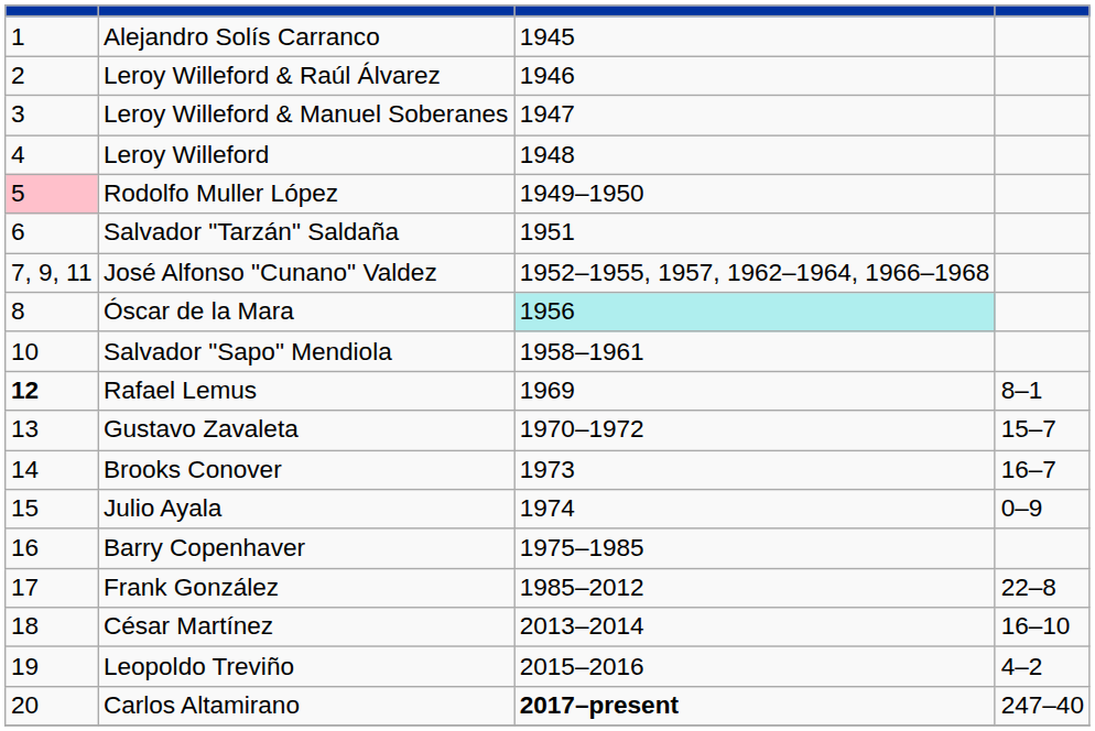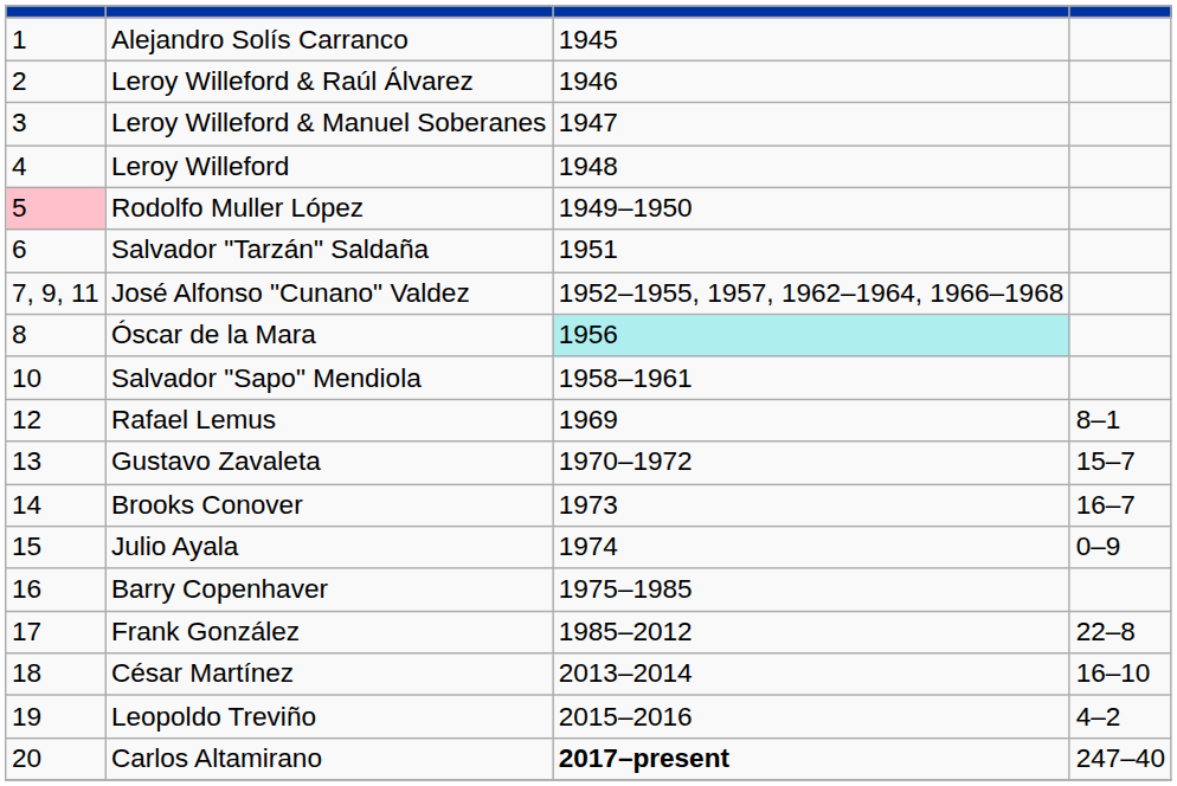 <table class="wikitable">
 <tr>
 <th style=background:#0032A0></th>
 <th style=background:#0032A0></th>
 <th style=background:#0032A0></th>
 <th style=background:#0032A0></th>
 </tr>
 <tr>
 <td>1</td>
 <td>Alejandro Solís Carranco</td>
 <td>1945</td>
 <td></td>
 </tr>
 <tr>
 <td>2</td>
 <td>Leroy Willeford & Raúl Álvarez</td>
 <td>1946</td>
 <td></td>
 </tr>
 <tr>
 <td>3</td>
 <td>Leroy Willeford & Manuel Soberanes</td>
 <td>1947</td>
 <td></td>
 </tr>
 <tr>
 <td>4</td>
 <td>Leroy Willeford</td>
 <td>1948</td>
 <td></td>
 </tr>
 <tr>
 <td style="background: pink;">5</td>
 <td>Rodolfo Muller López</td>
 <td>1949–1950</td>
 <td></td>
 </tr>
 <tr>
 <td>6</td>
 <td>Salvador "Tarzán" Saldaña</td>
 <td>1951</td>
 <td></td>
 </tr>
 <tr>
 <td>7, 9, 11</td>
 <td>José Alfonso "Cunano" Valdez</td>
 <td>1952–1955, 1957, 1962–1964, 1966–1968</td>
 <td></td>
 </tr>
 <tr>
 <td>8</td>
 <td>Óscar de la Mara</td>
 <td style="background: paleturquoise;">1956</td>
 <td></td>
 </tr>
 <tr>
 <td>10</td>
 <td>Salvador "Sapo" Mendiola</td>
 <td>1958–1961</td>
 <td></td>
 </tr>
 <tr>
-<td><strong>12</strong></td>
+<td>12</td>
 <td>Rafael Lemus</td>
 <td>1969</td>
 <td>8–1</td>
 </tr>
 <tr>
 <td>13</td>
 <td>Gustavo Zavaleta</td>
 <td>1970–1972</td>
 <td>15–7</td>
 </tr>
 <tr>
 <td>14</td>
 <td>Brooks Conover</td>
 <td>1973</td>
 <td>16–7</td>
 </tr>
 <tr>
 <td>15</td>
 <td>Julio Ayala</td>
 <td>1974</td>
 <td>0–9</td>
 </tr>
 <tr>
 <td>16</td>
 <td>Barry Copenhaver</td>
 <td>1975–1985</td>
 <td></td>
 </tr>
 <tr>
 <td>17</td>
 <td>Frank González</td>
 <td>1985–2012</td>
 <td>22–8</td>
 </tr>
 <tr>
 <td>18</td>
 <td>César Martínez</td>
 <td>2013–2014</td>
 <td>16–10</td>
 </tr>
 <tr>
 <td>19</td>
 <td>Leopoldo Treviño</td>
 <td>2015–2016</td>
 <td>4–2</td>
 </tr>
 <tr>
 <td>20</td>
 <td>Carlos Altamirano</td>
 <td><strong>2017–present</strong></td>
 <td>247–40</td>
 </tr>
 <tr>
 </tr>
 </table>
